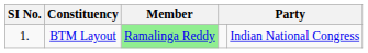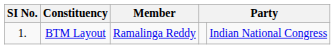 <table class="wikitable sortable">
 <tr>
 <th>SI No.</th>
 <th>Constituency</th>
 <th>Member</th>
 <th colspan=2>Party</th>
 </tr>
 <tr style="text-align:center; height:30px;">
 <td>1.</td>
 <td><a href='#'>BTM Layout</a></td>
-<td style="background: lightgreen;"><a href='#'>Ramalinga Reddy</a></td>
+<td><a href='#'>Ramalinga Reddy</a></td>
 <td width="4px" style="background-color: "></td>
 <td><a href='#'>Indian National Congress</a></td>
 </tr>
 </table>
